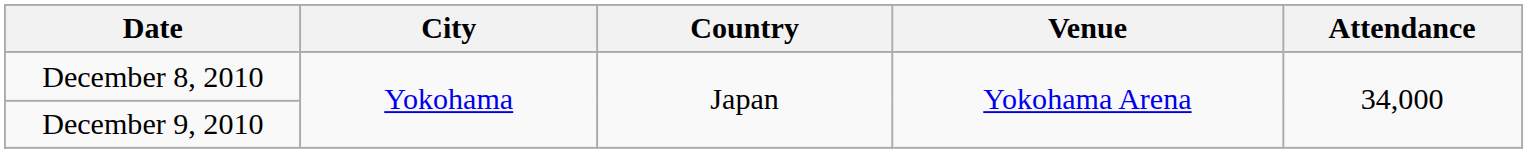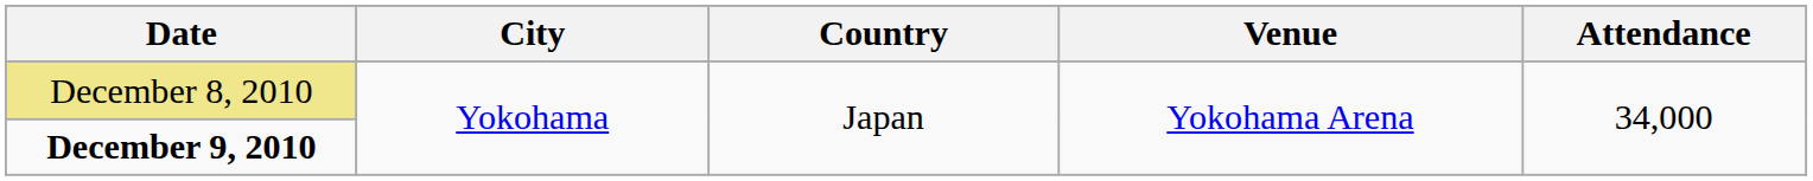 <table class="wikitable" style="text-align:center;">
 <tr>
 <th style="width:150px;">Date</th>
 <th style="width:150px;">City</th>
 <th style="width:150px;">Country</th>
 <th style="width:200px;">Venue</th>
 <th style="width:120px;">Attendance</th>
 </tr>
 <tr>
-<td>December 8, 2010</td>
+<td style="background: khaki;">December 8, 2010</td>
 <td rowspan="2"><a href='#'>Yokohama</a></td>
 <td rowspan="2">Japan</td>
 <td rowspan="2"><a href='#'>Yokohama Arena</a></td>
 <td rowspan="2">34,000</td>
 </tr>
 <tr>
-<td>December 9, 2010</td>
+<td><strong>December 9, 2010</strong></td>
 </tr>
 </table>
